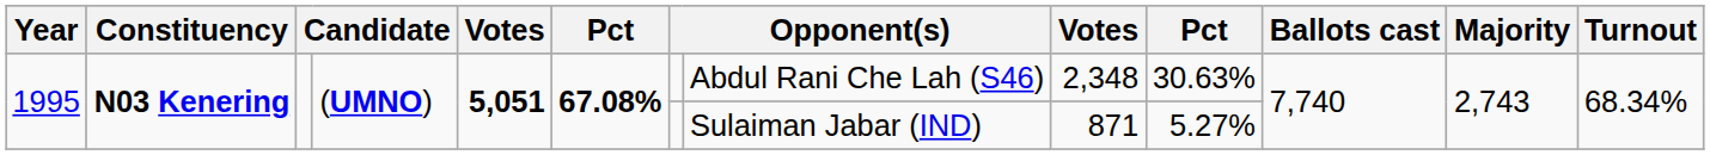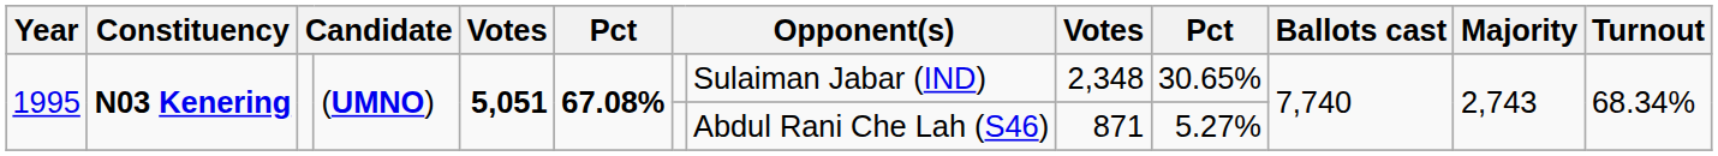 <table class="wikitable" style="margin:0.5em ; font-size:95%">
 <tr>
 <th>Year</th>
 <th>Constituency</th>
 <th colspan=2>Candidate</th>
 <th>Votes</th>
 <th>Pct</th>
 <th colspan=2>Opponent(s)</th>
 <th>Votes</th>
 <th>Pct</th>
 <th>Ballots cast</th>
 <th>Majority</th>
 <th>Turnout</th>
 </tr>
 <tr>
 <td rowspan=2><a href='#'>1995</a></td>
 <td rowspan=2><strong>N03 <a href='#'>Kenering</a></strong></td>
 <td rowspan=2 ></td>
 <td rowspan=2> (<a href='#'><strong>UMNO</strong></a>)</td>
 <td rowspan=2 align="right"><strong>5,051</strong></td>
 <td rowspan=2><strong>67.08%</strong></td>
 <td></td>
-<td>Abdul Rani Che Lah (<a href='#'>S46</a>)</td>
+<td>Sulaiman Jabar (<a href='#'>IND</a>)</td>
 <td align="right">2,348</td>
-<td>30.63%</td>
+<td>30.65%</td>
 <td rowspan=2>7,740</td>
 <td rowspan=2>2,743</td>
 <td rowspan=2>68.34%</td>
 </tr>
 <tr>
 <td></td>
-<td>Sulaiman Jabar (<a href='#'>IND</a>)</td>
+<td>Abdul Rani Che Lah (<a href='#'>S46</a>)</td>
 <td align="right">871</td>
 <td align="right">5.27%</td>
 </tr>
 </table>
